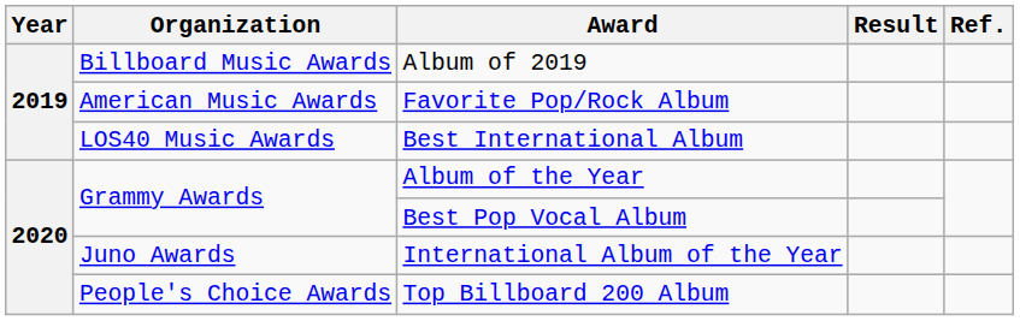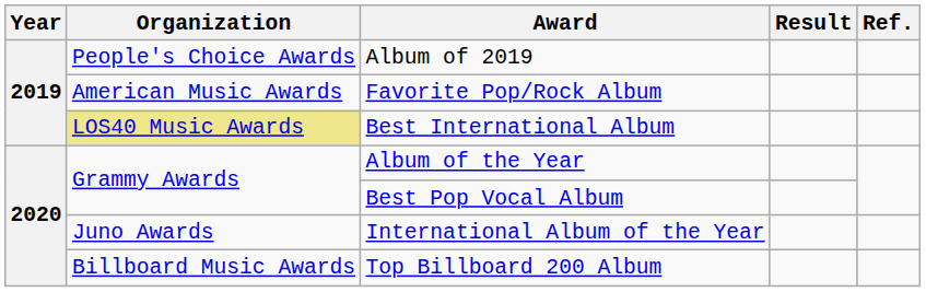 <table class="wikitable plainrowheaders">
 <tr>
 <th>Year</th>
 <th>Organization</th>
 <th>Award</th>
 <th>Result</th>
 <th>Ref.</th>
 </tr>
 <tr>
 <th rowspan="3" scope="row">2019</th>
-<td><a href='#'>Billboard Music Awards</a></td>
+<td><a href='#'>People's Choice Awards</a></td>
 <td>Album of 2019</td>
 <td></td>
 <td></td>
 </tr>
 <tr>
 <td><a href='#'>American Music Awards</a></td>
 <td><a href='#'>Favorite Pop/Rock Album</a></td>
 <td></td>
 <td></td>
 </tr>
 <tr>
-<td !scope="row"><a href='#'>LOS40 Music Awards</a></td>
+<td !scope="row" style="background: khaki;"><a href='#'>LOS40 Music Awards</a></td>
 <td><a href='#'>Best International Album</a></td>
 <td></td>
 <td style="text-align:center;"></td>
 </tr>
 <tr>
 <th rowspan="4" scope="row">2020</th>
 <td rowspan="2"><a href='#'>Grammy Awards</a></td>
 <td><a href='#'>Album of the Year</a></td>
 <td></td>
 <td rowspan="2"></td>
 </tr>
 <tr>
 <td><a href='#'>Best Pop Vocal Album</a></td>
 <td></td>
 </tr>
 <tr>
 <td><a href='#'>Juno Awards</a></td>
 <td><a href='#'>International Album of the Year</a></td>
 <td></td>
 <td style="text-align:center;"></td>
 </tr>
 <tr>
-<td><a href='#'>People's Choice Awards</a></td>
+<td><a href='#'>Billboard Music Awards</a></td>
 <td><a href='#'>Top Billboard 200 Album</a></td>
 <td></td>
 <td></td>
 </tr>
 </table>
